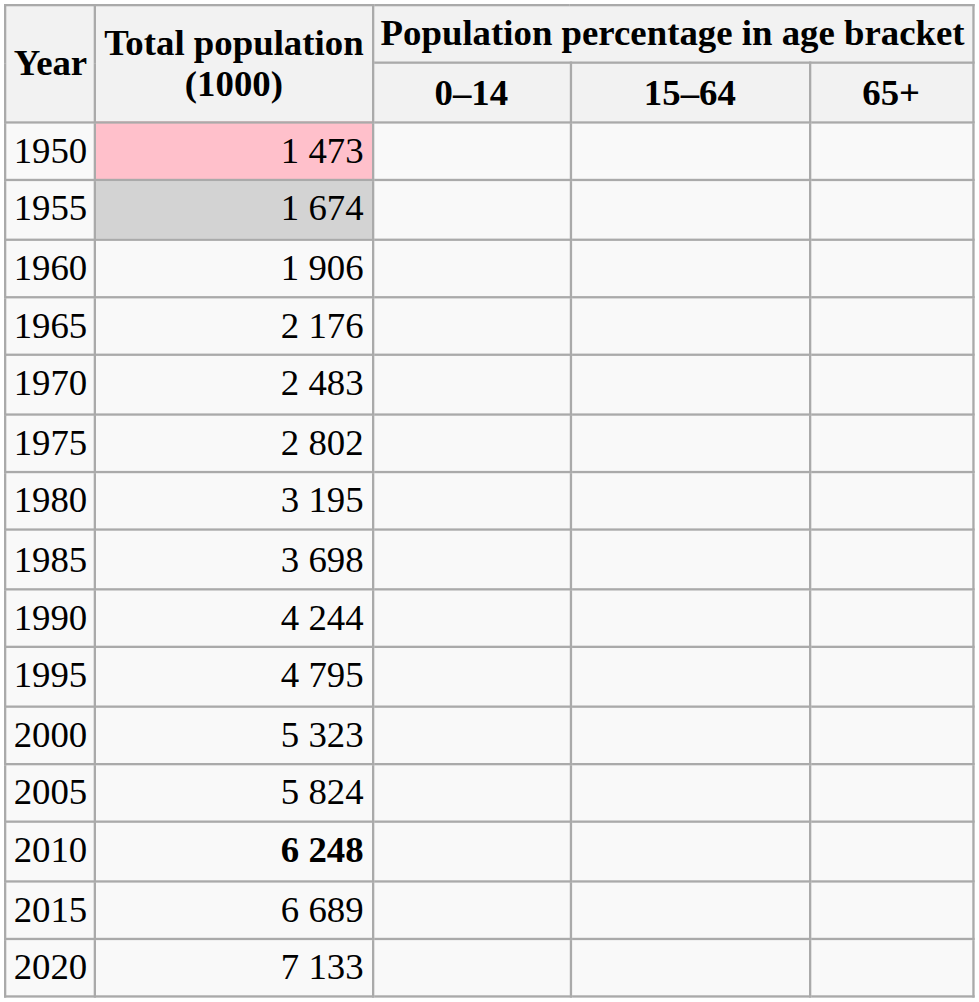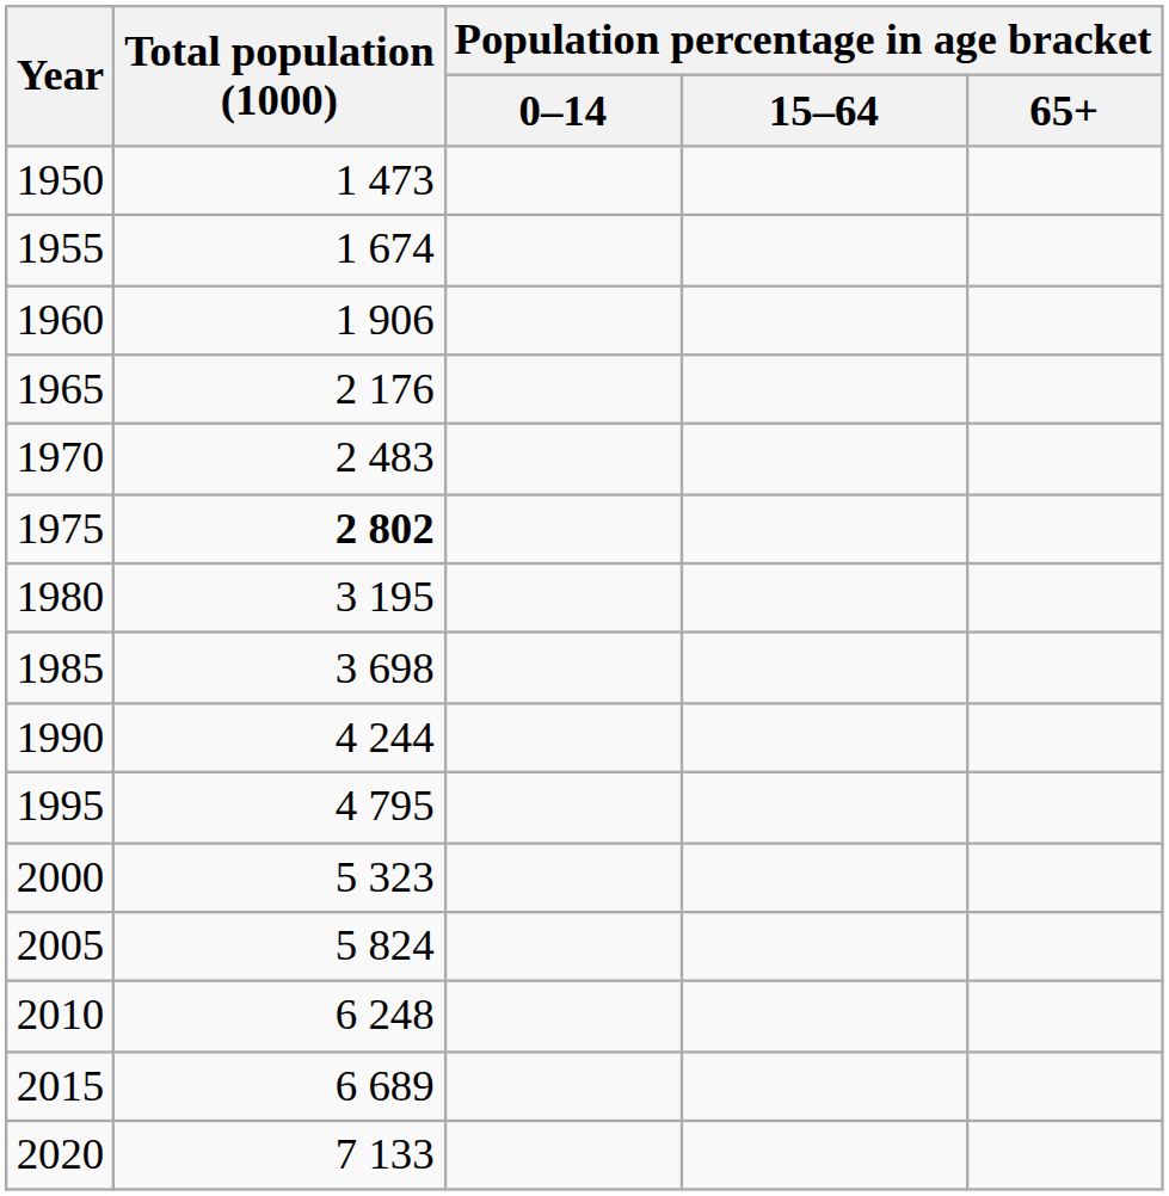 <table class="wikitable" style="text-align: right;">
 <tr>
 <th rowspan=2>Year</th>
 <th rowspan=2>Total population<br>(1000)</th>
 <th colspan=3>Population percentage in age bracket</th>
 </tr>
 <tr>
 <th>0–14</th>
 <th>15–64</th>
 <th>65+</th>
 </tr>
 <tr>
 <td>1950</td>
-<td style="background: pink;">1 473</td>
+<td>1 473</td>
 <td></td>
 <td></td>
 <td></td>
 </tr>
 <tr>
 <td>1955</td>
-<td style="background: lightgrey;">1 674</td>
+<td>1 674</td>
 <td></td>
 <td></td>
 <td></td>
 </tr>
 <tr>
 <td>1960</td>
 <td>1 906</td>
 <td></td>
 <td></td>
 <td></td>
 </tr>
 <tr>
 <td>1965</td>
 <td>2 176</td>
 <td></td>
 <td></td>
 <td></td>
 </tr>
 <tr>
 <td>1970</td>
 <td>2 483</td>
 <td></td>
 <td></td>
 <td></td>
 </tr>
 <tr>
 <td>1975</td>
-<td>2 802</td>
+<td><strong>2 802</strong></td>
 <td></td>
 <td></td>
 <td></td>
 </tr>
 <tr>
 <td>1980</td>
 <td>3 195</td>
 <td></td>
 <td></td>
 <td></td>
 </tr>
 <tr>
 <td>1985</td>
 <td>3 698</td>
 <td></td>
 <td></td>
 <td></td>
 </tr>
 <tr>
 <td>1990</td>
 <td>4 244</td>
 <td></td>
 <td></td>
 <td></td>
 </tr>
 <tr>
 <td>1995</td>
 <td>4 795</td>
 <td></td>
 <td></td>
 <td></td>
 </tr>
 <tr>
 <td>2000</td>
 <td>5 323</td>
 <td></td>
 <td></td>
 <td></td>
 </tr>
 <tr>
 <td>2005</td>
 <td>5 824</td>
 <td></td>
 <td></td>
 <td></td>
 </tr>
 <tr>
 <td>2010</td>
-<td><strong>6 248</strong></td>
+<td>6 248</td>
 <td></td>
 <td></td>
 <td></td>
 </tr>
 <tr>
 <td>2015</td>
 <td>6 689</td>
 <td></td>
 <td></td>
 <td></td>
 </tr>
 <tr>
 <td>2020</td>
 <td>7 133</td>
 <td></td>
 <td></td>
 <td></td>
 </tr>
 </table>
